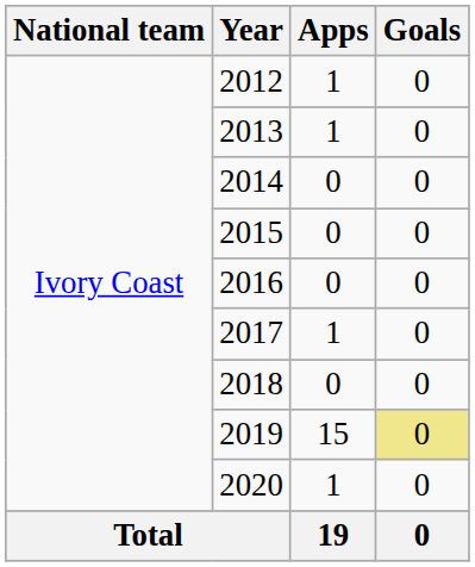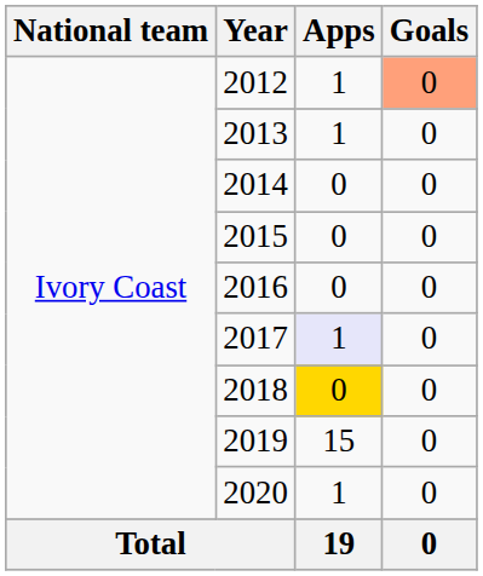 <table class="wikitable" style="text-align:center">
 <tr>
 <th>National team</th>
 <th>Year</th>
 <th>Apps</th>
 <th>Goals</th>
 </tr>
 <tr>
 <td rowspan="9"><a href='#'>Ivory Coast</a></td>
 <td>2012</td>
 <td>1</td>
-<td>0</td>
+<td style="background: lightsalmon;">0</td>
 </tr>
 <tr>
 <td>2013</td>
 <td>1</td>
 <td>0</td>
 </tr>
 <tr>
 <td>2014</td>
 <td>0</td>
 <td>0</td>
 </tr>
 <tr>
 <td>2015</td>
 <td>0</td>
 <td>0</td>
 </tr>
 <tr>
 <td>2016</td>
 <td>0</td>
 <td>0</td>
 </tr>
 <tr>
 <td>2017</td>
-<td>1</td>
+<td style="background: lavender;">1</td>
 <td>0</td>
 </tr>
 <tr>
 <td>2018</td>
-<td>0</td>
+<td style="background: gold;">0</td>
 <td>0</td>
 </tr>
 <tr>
 <td>2019</td>
 <td>15</td>
-<td style="background: khaki;">0</td>
+<td>0</td>
 </tr>
 <tr>
 <td>2020</td>
 <td>1</td>
 <td>0</td>
 </tr>
 <tr>
 <th colspan="2">Total</th>
 <th>19</th>
 <th>0</th>
 </tr>
 </table>
